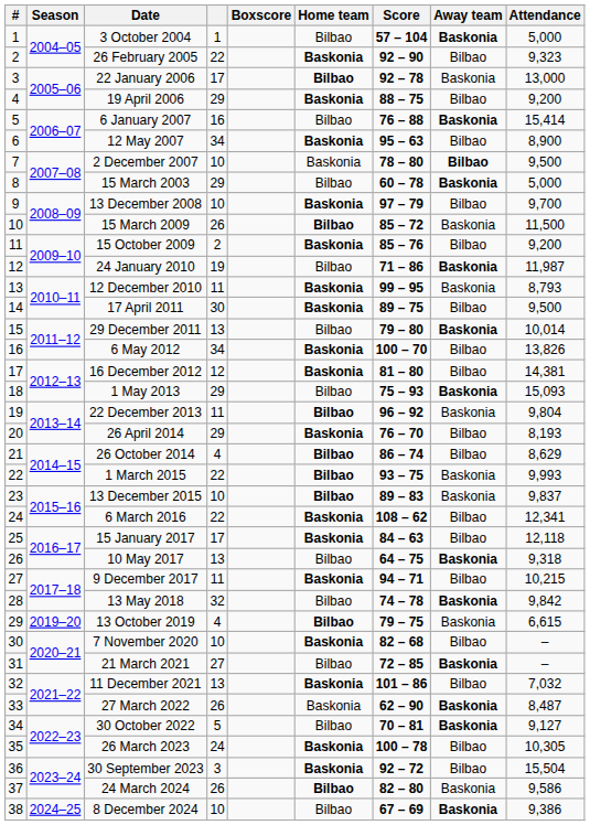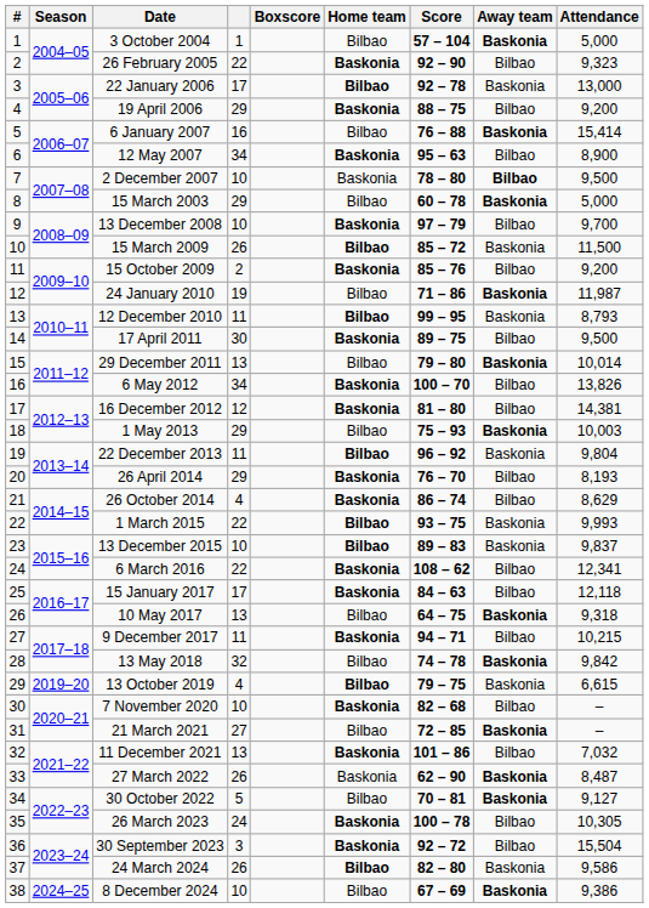 <table class="wikitable" style="text-align: center; width=25%; font-size: 11px">
 <tr>
 <th>#</th>
 <th>Season</th>
 <th>Date</th>
 <th></th>
 <th>Boxscore</th>
 <th>Home team</th>
 <th>Score</th>
 <th>Away team</th>
 <th>Attendance</th>
 </tr>
 <tr>
 <td>1</td>
 <td rowspan=2><a href='#'>2004–05</a></td>
 <td>3 October 2004</td>
 <td>1</td>
 <td></td>
 <td>Bilbao</td>
 <td><strong>57 – 104</strong></td>
 <td><strong>Baskonia</strong></td>
 <td>5,000</td>
 </tr>
 <tr>
 <td>2</td>
 <td>26 February 2005</td>
 <td>22</td>
 <td></td>
 <td><strong>Baskonia</strong></td>
 <td><strong>92 – 90</strong></td>
 <td>Bilbao</td>
 <td>9,323</td>
 </tr>
 <tr>
 <td>3</td>
 <td rowspan=2><a href='#'>2005–06</a></td>
 <td>22 January 2006</td>
 <td>17</td>
 <td></td>
 <td><strong>Bilbao</strong></td>
 <td><strong>92 – 78</strong></td>
 <td>Baskonia</td>
 <td>13,000</td>
 </tr>
 <tr>
 <td>4</td>
 <td>19 April 2006</td>
 <td>29</td>
 <td></td>
 <td><strong>Baskonia</strong></td>
 <td><strong>88 – 75</strong></td>
 <td>Bilbao</td>
 <td>9,200</td>
 </tr>
 <tr>
 <td>5</td>
 <td rowspan=2><a href='#'>2006–07</a></td>
 <td>6 January 2007</td>
 <td>16</td>
 <td></td>
 <td>Bilbao</td>
 <td><strong>76 – 88</strong></td>
 <td><strong>Baskonia</strong></td>
 <td>15,414</td>
 </tr>
 <tr>
 <td>6</td>
 <td>12 May 2007</td>
 <td>34</td>
 <td></td>
 <td><strong>Baskonia</strong></td>
 <td><strong>95 – 63</strong></td>
 <td>Bilbao</td>
 <td>8,900</td>
 </tr>
 <tr>
 <td>7</td>
 <td rowspan=2><a href='#'>2007–08</a></td>
 <td>2 December 2007</td>
 <td>10</td>
 <td></td>
 <td>Baskonia</td>
 <td><strong>78 – 80</strong></td>
 <td><strong>Bilbao</strong></td>
 <td>9,500</td>
 </tr>
 <tr>
 <td>8</td>
 <td>15 March 2003</td>
 <td>29</td>
 <td></td>
 <td>Bilbao</td>
 <td><strong>60 – 78</strong></td>
 <td><strong>Baskonia</strong></td>
 <td>5,000</td>
 </tr>
 <tr>
 <td>9</td>
 <td rowspan=2><a href='#'>2008–09</a></td>
 <td>13 December 2008</td>
 <td>10</td>
 <td></td>
 <td><strong>Baskonia</strong></td>
 <td><strong>97 – 79</strong></td>
 <td>Bilbao</td>
 <td>9,700</td>
 </tr>
 <tr>
 <td>10</td>
 <td>15 March 2009</td>
 <td>26</td>
 <td></td>
 <td><strong>Bilbao</strong></td>
 <td><strong>85 – 72</strong></td>
 <td>Baskonia</td>
 <td>11,500</td>
 </tr>
 <tr>
 <td>11</td>
 <td rowspan=2><a href='#'>2009–10</a></td>
 <td>15 October 2009</td>
 <td>2</td>
 <td></td>
 <td><strong>Baskonia</strong></td>
 <td><strong>85 – 76</strong></td>
 <td>Bilbao</td>
 <td>9,200</td>
 </tr>
 <tr>
 <td>12</td>
 <td>24 January 2010</td>
 <td>19</td>
 <td></td>
 <td>Bilbao</td>
 <td><strong>71 – 86</strong></td>
 <td><strong>Baskonia</strong></td>
 <td>11,987</td>
 </tr>
 <tr>
 <td>13</td>
 <td rowspan=2><a href='#'>2010–11</a></td>
 <td>12 December 2010</td>
 <td>11</td>
 <td></td>
-<td><strong>Baskonia</strong></td>
+<td><strong>Bilbao</strong></td>
 <td><strong>99 – 95</strong></td>
 <td>Baskonia</td>
 <td>8,793</td>
 </tr>
 <tr>
 <td>14</td>
 <td>17 April 2011</td>
 <td>30</td>
 <td></td>
 <td><strong>Baskonia</strong></td>
 <td><strong>89 – 75</strong></td>
 <td>Bilbao</td>
 <td>9,500</td>
 </tr>
 <tr>
 <td>15</td>
 <td rowspan=2><a href='#'>2011–12</a></td>
 <td>29 December 2011</td>
 <td>13</td>
 <td></td>
 <td>Bilbao</td>
 <td><strong>79 – 80</strong></td>
 <td><strong>Baskonia</strong></td>
 <td>10,014</td>
 </tr>
 <tr>
 <td>16</td>
 <td>6 May 2012</td>
 <td>34</td>
 <td></td>
 <td><strong>Baskonia</strong></td>
 <td><strong>100 – 70</strong></td>
 <td>Bilbao</td>
 <td>13,826</td>
 </tr>
 <tr>
 <td>17</td>
 <td rowspan=2><a href='#'>2012–13</a></td>
 <td>16 December 2012</td>
 <td>12</td>
 <td></td>
 <td><strong>Baskonia</strong></td>
 <td><strong>81 – 80</strong></td>
 <td>Bilbao</td>
 <td>14,381</td>
 </tr>
 <tr>
 <td>18</td>
 <td>1 May 2013</td>
 <td>29</td>
 <td></td>
 <td>Bilbao</td>
 <td><strong>75 – 93</strong></td>
 <td><strong>Baskonia</strong></td>
-<td>15,093</td>
+<td>10,003</td>
 </tr>
 <tr>
 <td>19</td>
 <td rowspan=2><a href='#'>2013–14</a></td>
 <td>22 December 2013</td>
 <td>11</td>
 <td></td>
 <td><strong>Bilbao</strong></td>
 <td><strong>96 – 92</strong></td>
 <td>Baskonia</td>
 <td>9,804</td>
 </tr>
 <tr>
 <td>20</td>
 <td>26 April 2014</td>
 <td>29</td>
 <td></td>
 <td><strong>Baskonia</strong></td>
 <td><strong>76 – 70</strong></td>
 <td>Bilbao</td>
 <td>8,193</td>
 </tr>
 <tr>
 <td>21</td>
 <td rowspan=2><a href='#'>2014–15</a></td>
 <td>26 October 2014</td>
 <td>4</td>
 <td></td>
-<td><strong>Bilbao</strong></td>
+<td><strong>Baskonia</strong></td>
 <td><strong>86 – 74</strong></td>
 <td>Bilbao</td>
 <td>8,629</td>
 </tr>
 <tr>
 <td>22</td>
 <td>1 March 2015</td>
 <td>22</td>
 <td></td>
 <td><strong>Bilbao</strong></td>
 <td><strong>93 – 75</strong></td>
 <td>Baskonia</td>
 <td>9,993</td>
 </tr>
 <tr>
 <td>23</td>
 <td rowspan=2><a href='#'>2015–16</a></td>
 <td>13 December 2015</td>
 <td>10</td>
 <td></td>
 <td><strong>Bilbao</strong></td>
 <td><strong>89 – 83</strong></td>
 <td>Baskonia</td>
 <td>9,837</td>
 </tr>
 <tr>
 <td>24</td>
 <td>6 March 2016</td>
 <td>22</td>
 <td></td>
 <td><strong>Baskonia</strong></td>
 <td><strong>108 – 62</strong></td>
 <td>Bilbao</td>
 <td>12,341</td>
 </tr>
 <tr>
 <td>25</td>
 <td rowspan=2><a href='#'>2016–17</a></td>
 <td>15 January 2017</td>
 <td>17</td>
 <td></td>
 <td><strong>Baskonia</strong></td>
 <td><strong>84 – 63</strong></td>
 <td>Bilbao</td>
 <td>12,118</td>
 </tr>
 <tr>
 <td>26</td>
 <td>10 May 2017</td>
 <td>13</td>
 <td></td>
 <td>Bilbao</td>
 <td><strong>64 – 75</strong></td>
 <td><strong>Baskonia</strong></td>
 <td>9,318</td>
 </tr>
 <tr>
 <td>27</td>
 <td rowspan=2><a href='#'>2017–18</a></td>
 <td>9 December 2017</td>
 <td>11</td>
 <td></td>
 <td><strong>Baskonia</strong></td>
 <td><strong>94 – 71</strong></td>
 <td>Bilbao</td>
 <td>10,215</td>
 </tr>
 <tr>
 <td>28</td>
 <td>13 May 2018</td>
 <td>32</td>
 <td></td>
 <td>Bilbao</td>
 <td><strong>74 – 78</strong></td>
 <td><strong>Baskonia</strong></td>
 <td>9,842</td>
 </tr>
 <tr>
 <td>29</td>
 <td><a href='#'>2019–20</a></td>
 <td>13 October 2019</td>
 <td>4</td>
 <td></td>
 <td><strong>Bilbao</strong></td>
 <td><strong>79 – 75</strong></td>
 <td>Baskonia</td>
 <td>6,615</td>
 </tr>
 <tr>
 <td>30</td>
 <td rowspan="2"><a href='#'>2020–21</a></td>
 <td>7 November 2020</td>
 <td>10</td>
 <td></td>
 <td><strong>Baskonia</strong></td>
 <td><strong>82 – 68</strong></td>
 <td>Bilbao</td>
 <td>–</td>
 </tr>
 <tr>
 <td>31</td>
 <td>21 March 2021</td>
 <td>27</td>
 <td></td>
 <td>Bilbao</td>
 <td><strong>72 – 85</strong></td>
 <td><strong>Baskonia</strong></td>
 <td>–</td>
 </tr>
 <tr>
 <td>32</td>
 <td rowspan="2"><a href='#'>2021–22</a></td>
 <td>11 December 2021</td>
 <td>13</td>
 <td></td>
 <td><strong>Baskonia</strong></td>
 <td><strong>101 – 86</strong></td>
 <td>Bilbao</td>
 <td>7,032</td>
 </tr>
 <tr>
 <td>33</td>
 <td>27 March 2022</td>
 <td>26</td>
 <td></td>
 <td>Baskonia</td>
 <td><strong>62 – 90</strong></td>
 <td><strong>Baskonia</strong></td>
 <td>8,487</td>
 </tr>
 <tr>
 <td>34</td>
 <td rowspan="2"><a href='#'>2022–23</a></td>
 <td>30 October 2022</td>
 <td>5</td>
 <td></td>
 <td>Bilbao</td>
 <td><strong>70 – 81</strong></td>
 <td><strong>Baskonia</strong></td>
 <td>9,127</td>
 </tr>
 <tr>
 <td>35</td>
 <td>26 March 2023</td>
 <td>24</td>
 <td></td>
 <td><strong>Baskonia</strong></td>
 <td><strong>100 – 78</strong></td>
 <td>Bilbao</td>
 <td>10,305</td>
 </tr>
 <tr>
 <td>36</td>
 <td rowspan="2"><a href='#'>2023–24</a></td>
 <td>30 September 2023</td>
 <td>3</td>
 <td></td>
 <td><strong>Baskonia</strong></td>
 <td><strong>92 – 72</strong></td>
 <td>Bilbao</td>
 <td>15,504</td>
 </tr>
 <tr>
 <td>37</td>
 <td>24 March 2024</td>
 <td>26</td>
 <td></td>
 <td><strong>Bilbao</strong></td>
 <td><strong>82 – 80</strong></td>
 <td>Baskonia</td>
 <td>9,586</td>
 </tr>
 <tr>
 <td>38</td>
 <td><a href='#'>2024–25</a></td>
 <td>8 December 2024</td>
 <td>10</td>
 <td></td>
 <td>Bilbao</td>
 <td><strong>67 – 69</strong></td>
 <td><strong>Baskonia</strong></td>
 <td>9,386</td>
 </tr>
 <tr>
 </tr>
 </table>
